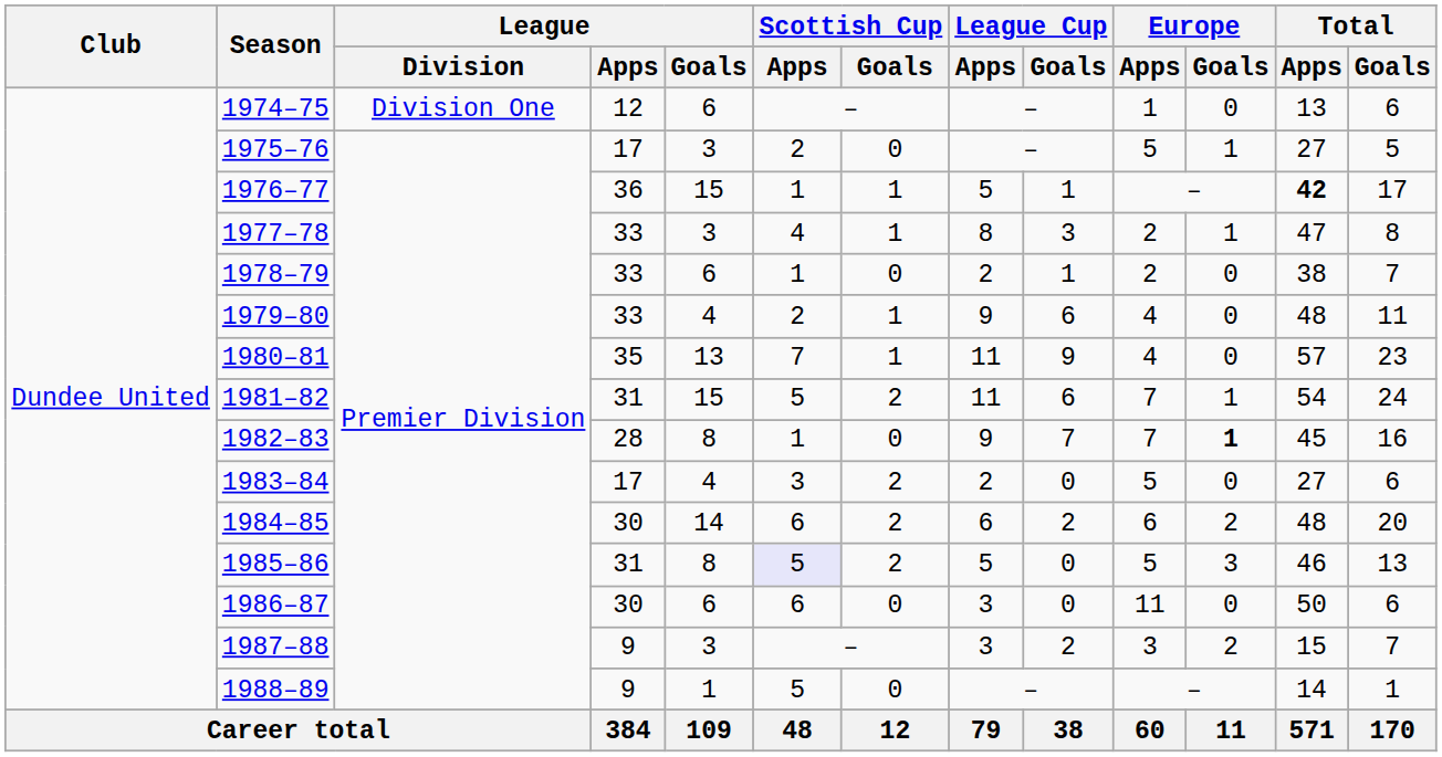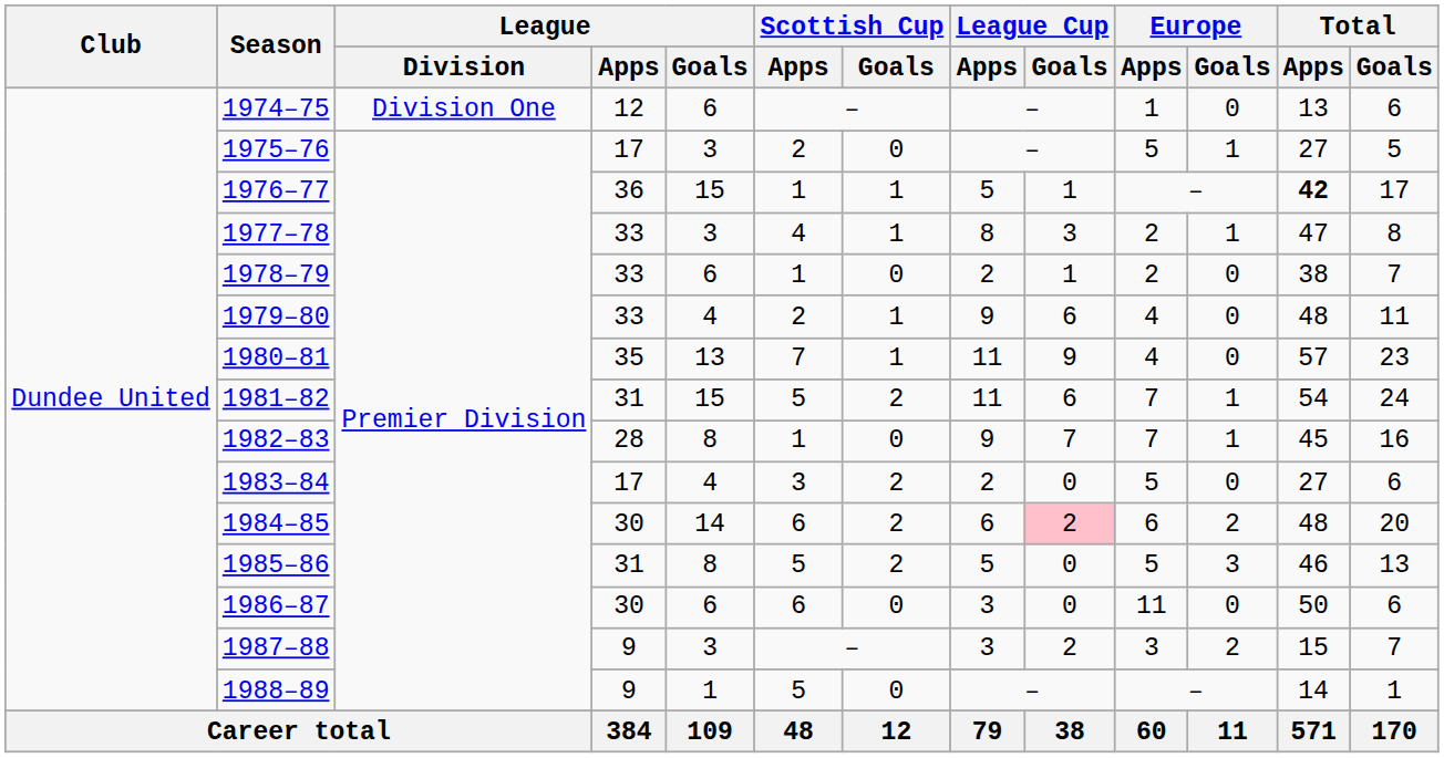 <table class="wikitable" style="text-align:center">
 <tr>
 <th rowspan="2">Club</th>
 <th rowspan="2">Season</th>
 <th colspan="3">League</th>
 <th colspan="2"><a href='#'>Scottish Cup</a></th>
 <th colspan="2"><a href='#'>League Cup</a></th>
 <th colspan="2"><a href='#'>Europe</a></th>
 <th colspan="2">Total</th>
 </tr>
 <tr>
 <th>Division</th>
 <th>Apps</th>
 <th>Goals</th>
 <th>Apps</th>
 <th>Goals</th>
 <th>Apps</th>
 <th>Goals</th>
 <th>Apps</th>
 <th>Goals</th>
 <th>Apps</th>
 <th>Goals</th>
 </tr>
 <tr>
 <td rowspan="15"><a href='#'>Dundee United</a></td>
 <td><a href='#'>1974–75</a></td>
 <td><a href='#'>Division One</a></td>
 <td>12</td>
 <td>6</td>
 <td colspan="2">–</td>
 <td colspan="2">–</td>
 <td>1</td>
 <td>0</td>
 <td>13</td>
 <td>6</td>
 </tr>
 <tr>
 <td><a href='#'>1975–76</a></td>
 <td rowspan=14><a href='#'>Premier Division</a></td>
 <td>17</td>
 <td>3</td>
 <td>2</td>
 <td>0</td>
 <td colspan="2">–</td>
 <td>5</td>
 <td>1</td>
 <td>27</td>
 <td>5</td>
 </tr>
 <tr>
 <td><a href='#'>1976–77</a></td>
 <td>36</td>
 <td>15</td>
 <td>1</td>
 <td>1</td>
 <td>5</td>
 <td>1</td>
 <td colspan="2">–</td>
 <td><strong>42</strong></td>
 <td>17</td>
 </tr>
 <tr>
 <td><a href='#'>1977–78</a></td>
 <td>33</td>
 <td>3</td>
 <td>4</td>
 <td>1</td>
 <td>8</td>
 <td>3</td>
 <td>2</td>
 <td>1</td>
 <td>47</td>
 <td>8</td>
 </tr>
 <tr>
 <td><a href='#'>1978–79</a></td>
 <td>33</td>
 <td>6</td>
 <td>1</td>
 <td>0</td>
 <td>2</td>
 <td>1</td>
 <td>2</td>
 <td>0</td>
 <td>38</td>
 <td>7</td>
 </tr>
 <tr>
 <td><a href='#'>1979–80</a></td>
 <td>33</td>
 <td>4</td>
 <td>2</td>
 <td>1</td>
 <td>9</td>
 <td>6</td>
 <td>4</td>
 <td>0</td>
 <td>48</td>
 <td>11</td>
 </tr>
 <tr>
 <td><a href='#'>1980–81</a></td>
 <td>35</td>
 <td>13</td>
 <td>7</td>
 <td>1</td>
 <td>11</td>
 <td>9</td>
 <td>4</td>
 <td>0</td>
 <td>57</td>
 <td>23</td>
 </tr>
 <tr>
 <td><a href='#'>1981–82</a></td>
 <td>31</td>
 <td>15</td>
 <td>5</td>
 <td>2</td>
 <td>11</td>
 <td>6</td>
 <td>7</td>
 <td>1</td>
 <td>54</td>
 <td>24</td>
 </tr>
 <tr>
 <td><a href='#'>1982–83</a></td>
 <td>28</td>
 <td>8</td>
 <td>1</td>
 <td>0</td>
 <td>9</td>
 <td>7</td>
 <td>7</td>
-<td><strong>1</strong></td>
+<td>1</td>
 <td>45</td>
 <td>16</td>
 </tr>
 <tr>
 <td><a href='#'>1983–84</a></td>
 <td>17</td>
 <td>4</td>
 <td>3</td>
 <td>2</td>
 <td>2</td>
 <td>0</td>
 <td>5</td>
 <td>0</td>
 <td>27</td>
 <td>6</td>
 </tr>
 <tr>
 <td><a href='#'>1984–85</a></td>
 <td>30</td>
 <td>14</td>
 <td>6</td>
 <td>2</td>
 <td>6</td>
-<td>2</td>
+<td style="background: pink;">2</td>
 <td>6</td>
 <td>2</td>
 <td>48</td>
 <td>20</td>
 </tr>
 <tr>
 <td><a href='#'>1985–86</a></td>
 <td>31</td>
 <td>8</td>
-<td style="background: lavender;">5</td>
+<td>5</td>
 <td>2</td>
 <td>5</td>
 <td>0</td>
 <td>5</td>
 <td>3</td>
 <td>46</td>
 <td>13</td>
 </tr>
 <tr>
 <td><a href='#'>1986–87</a></td>
 <td>30</td>
 <td>6</td>
 <td>6</td>
 <td>0</td>
 <td>3</td>
 <td>0</td>
 <td>11</td>
 <td>0</td>
 <td>50</td>
 <td>6</td>
 </tr>
 <tr>
 <td><a href='#'>1987–88</a></td>
 <td>9</td>
 <td>3</td>
 <td colspan="2">–</td>
 <td>3</td>
 <td>2</td>
 <td>3</td>
 <td>2</td>
 <td>15</td>
 <td>7</td>
 </tr>
 <tr>
 <td><a href='#'>1988–89</a></td>
 <td>9</td>
 <td>1</td>
 <td>5</td>
 <td>0</td>
 <td colspan="2">–</td>
 <td colspan="2">–</td>
 <td>14</td>
 <td>1</td>
 </tr>
 <tr>
 <th colspan="3">Career total</th>
 <th>384</th>
 <th>109</th>
 <th>48</th>
 <th>12</th>
 <th>79</th>
 <th>38</th>
 <th>60</th>
 <th>11</th>
 <th>571</th>
 <th>170</th>
 </tr>
 </table>
